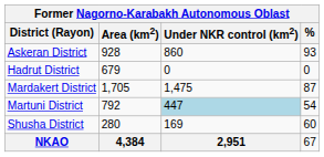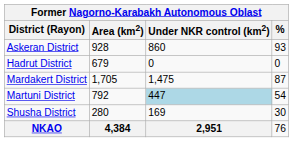 <table class="wikitable">
 <tr>
 <th colspan="4" style=="background:#efefef;">Former <a href='#'>Nagorno-Karabakh Autonomous Oblast</a></th>
 </tr>
 <tr>
 <th>District (Rayon)</th>
 <th>Area (km<sup>2</sup>)</th>
 <th>Under NKR control (km<sup>2</sup>)</th>
 <th>%</th>
 </tr>
 <tr>
 <td><a href='#'>Askeran District</a></td>
 <td>928</td>
 <td>860</td>
 <td>93</td>
 </tr>
 <tr>
 <td><a href='#'>Hadrut District</a></td>
 <td>679</td>
 <td>0</td>
 <td>0</td>
 </tr>
 <tr>
 <td><a href='#'>Mardakert District</a></td>
 <td>1,705</td>
 <td>1,475</td>
 <td>87</td>
 </tr>
 <tr>
 <td><a href='#'>Martuni District</a></td>
 <td>792</td>
 <td style="background: lightblue;">447</td>
 <td>54</td>
 </tr>
 <tr>
 <td><a href='#'>Shusha District</a></td>
 <td>280</td>
 <td>169</td>
-<td>60</td>
+<td>30</td>
 </tr>
 <tr>
 <th><a href='#'>NKAO</a></th>
 <th>4,384</th>
 <th>2,951</th>
-<td>67</td>
+<td>76</td>
 </tr>
 </table>
